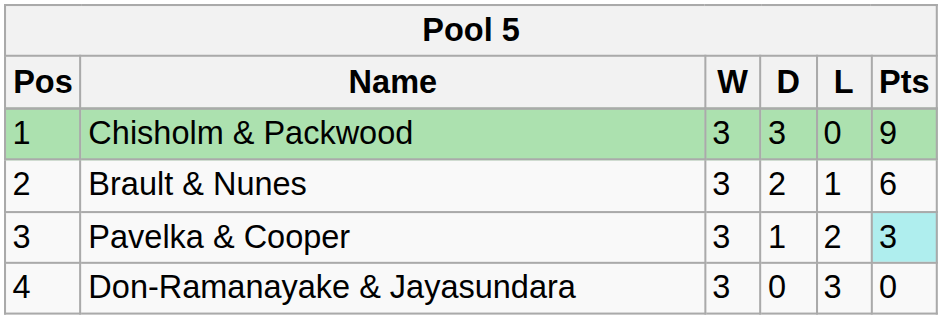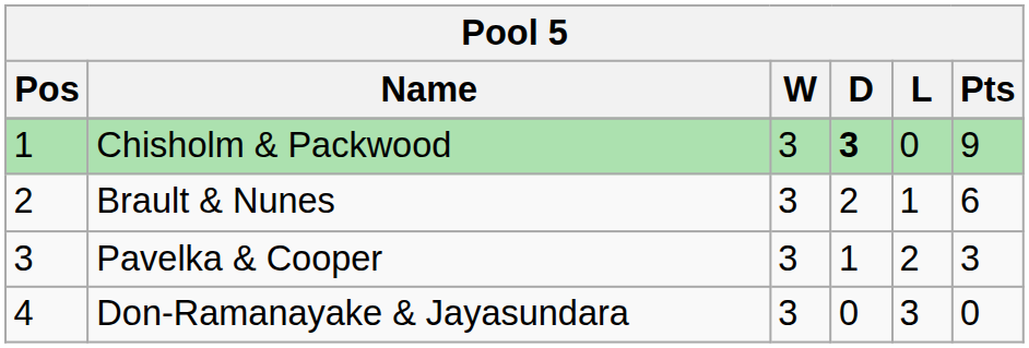 <table class="wikitable">
 <tr>
 <th colspan="6">Pool 5</th>
 </tr>
 <tr>
 <th width=30>Pos</th>
 <th width=300>Name</th>
 <th width=20>W</th>
 <th width=20>D</th>
 <th width=20>L</th>
 <th width=20>Pts</th>
 </tr>
 <tr>
 </tr>
 <tr style="background:#ACE1AF;">
 <td>1</td>
 <td> Chisholm & Packwood</td>
 <td>3</td>
-<td>3</td>
+<td><strong>3</strong></td>
 <td>0</td>
 <td>9</td>
 </tr>
 <tr>
 <td>2</td>
 <td> Brault & Nunes</td>
 <td>3</td>
 <td>2</td>
 <td>1</td>
 <td>6</td>
 </tr>
 <tr>
 <td>3</td>
 <td> Pavelka &  Cooper</td>
 <td>3</td>
 <td>1</td>
 <td>2</td>
-<td style="background: paleturquoise;">3</td>
+<td>3</td>
 </tr>
 <tr>
 <td>4</td>
 <td> Don-Ramanayake & Jayasundara</td>
 <td>3</td>
 <td>0</td>
 <td>3</td>
 <td>0</td>
 </tr>
 </table>
